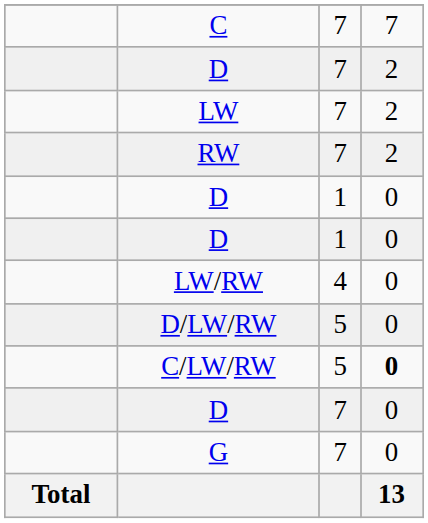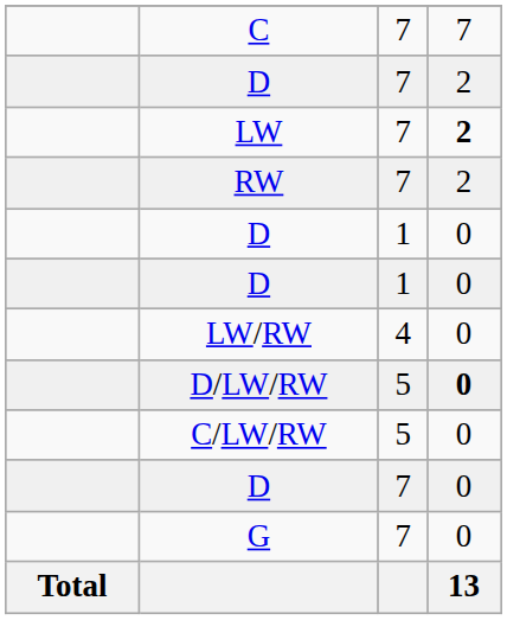 <table class="wikitable sortable" width ="40%">
 <tr align="center">
 </tr>
 <tr align="center" bgcolor="">
 <td></td>
 <td><a href='#'>C</a></td>
 <td>7</td>
 <td>7</td>
 </tr>
 <tr align="center" bgcolor="f0f0f0">
 <td></td>
 <td><a href='#'>D</a></td>
 <td>7</td>
 <td>2</td>
 </tr>
 <tr align="center" bgcolor="">
 <td></td>
 <td><a href='#'>LW</a></td>
 <td>7</td>
-<td>2</td>
+<td><strong>2</strong></td>
 </tr>
 <tr align="center" bgcolor="f0f0f0">
 <td></td>
 <td><a href='#'>RW</a></td>
 <td>7</td>
 <td>2</td>
 </tr>
 <tr align="center" bgcolor="">
 <td></td>
 <td><a href='#'>D</a></td>
 <td>1</td>
 <td>0</td>
 </tr>
 <tr align="center" bgcolor="f0f0f0">
 <td></td>
 <td><a href='#'>D</a></td>
 <td>1</td>
 <td>0</td>
 </tr>
 <tr align="center" bgcolor="">
 <td></td>
 <td><a href='#'>LW</a>/<a href='#'>RW</a></td>
 <td>4</td>
 <td>0</td>
 </tr>
 <tr align="center" bgcolor="f0f0f0">
 <td></td>
 <td><a href='#'>D</a>/<a href='#'>LW</a>/<a href='#'>RW</a></td>
 <td>5</td>
-<td>0</td>
+<td><strong>0</strong></td>
 </tr>
 <tr align="center" bgcolor="">
 <td></td>
 <td><a href='#'>C</a>/<a href='#'>LW</a>/<a href='#'>RW</a></td>
 <td>5</td>
-<td><strong>0</strong></td>
+<td>0</td>
 </tr>
 <tr align="center" bgcolor="f0f0f0">
 <td></td>
 <td><a href='#'>D</a></td>
 <td>7</td>
 <td>0</td>
 </tr>
 <tr align="center" bgcolor="">
 <td></td>
 <td><a href='#'>G</a></td>
 <td>7</td>
 <td>0</td>
 </tr>
 <tr>
 <th>Total</th>
 <th></th>
 <th></th>
 <th>13</th>
 </tr>
 </table>
